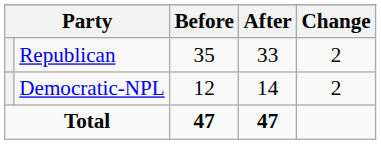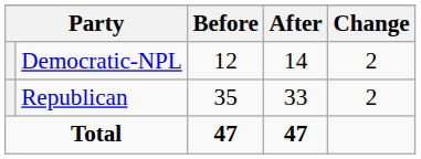 <table class="wikitable" style="text-align:center;">
 <tr>
 </tr>
 <tr>
 <th colspan=2>Party</th>
 <th>Before</th>
 <th>After</th>
 <th>Change</th>
 </tr>
 <tr>
 <th style="background-color:"></th>
-<td style="text-align:left;"><a href='#'>Republican</a></td>
-<td>35</td>
-<td>33</td>
+<td style="text-align:left;"><a href='#'>Democratic-NPL</a></td>
+<td>12</td>
+<td>14</td>
 <td> 2</td>
 </tr>
 <tr>
 <th style="background-color:"></th>
-<td style="text-align:left;"><a href='#'>Democratic-NPL</a></td>
-<td>12</td>
-<td>14</td>
+<td style="text-align:left;"><a href='#'>Republican</a></td>
+<td>35</td>
+<td>33</td>
 <td> 2</td>
 </tr>
 <tr>
 <td colspan=2><strong>Total</strong></td>
 <td><strong>47</strong></td>
 <td><strong>47</strong></td>
 <td></td>
 </tr>
 </table>
